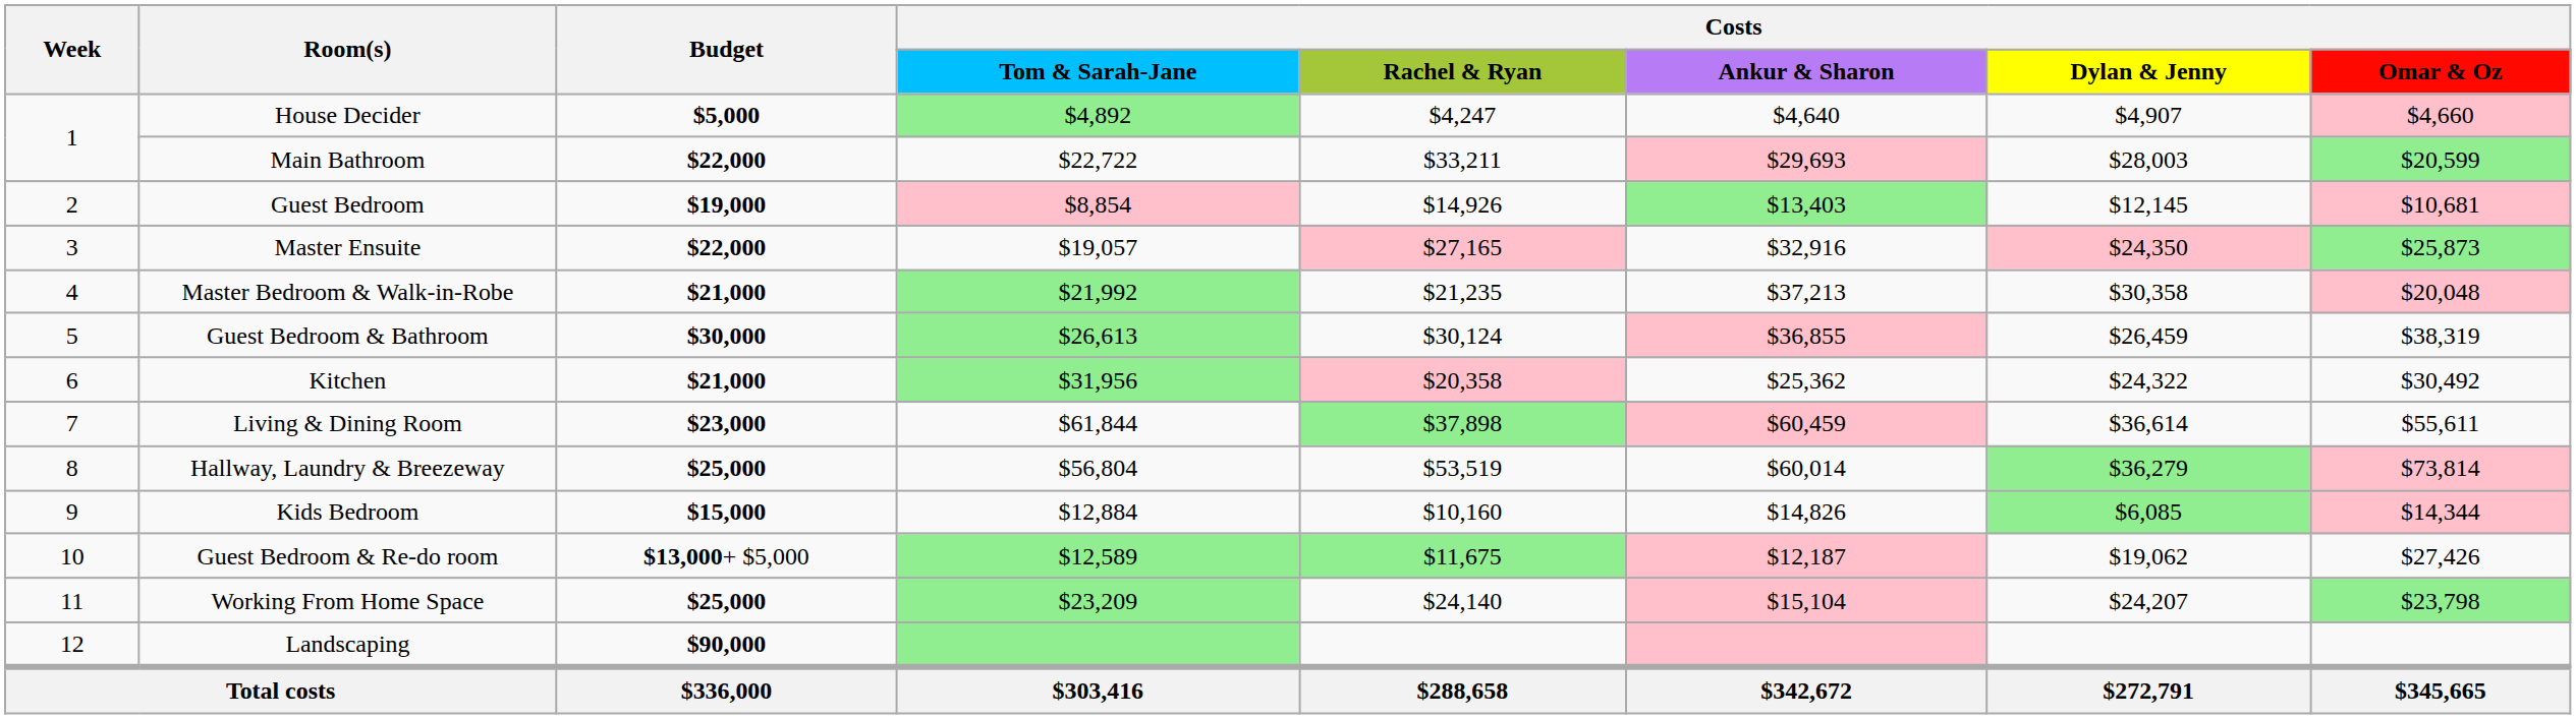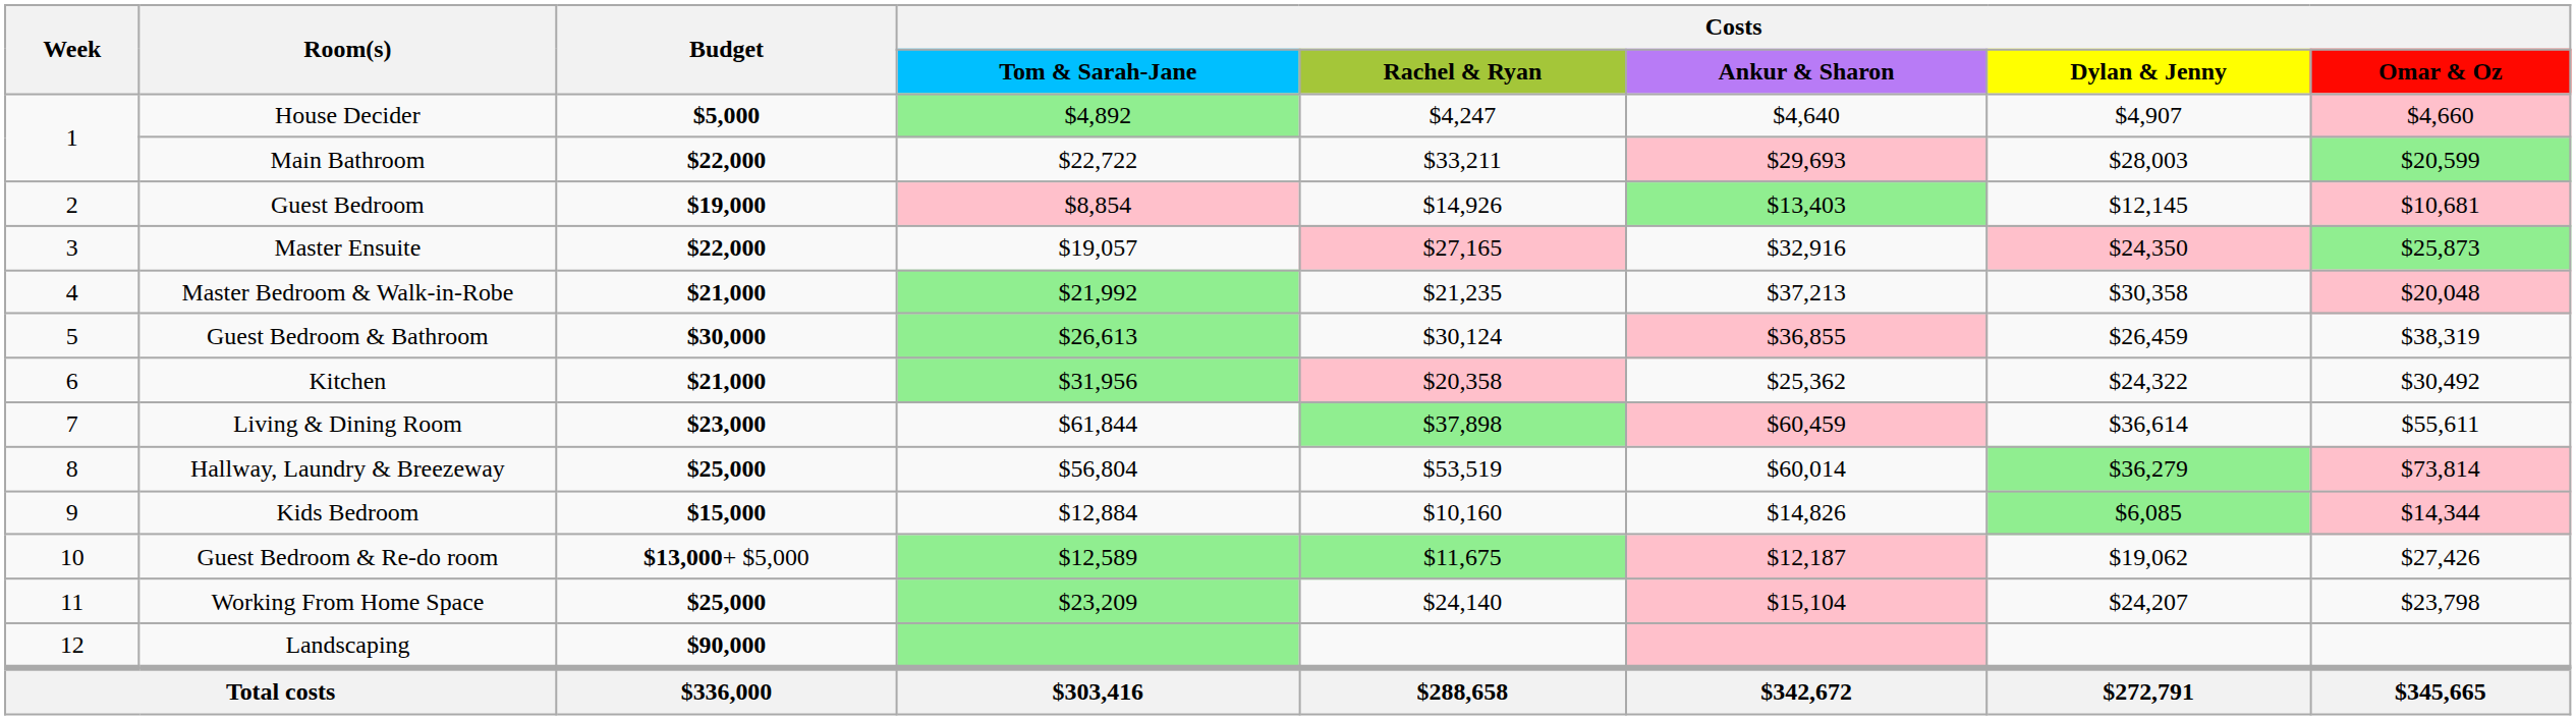 <table class="wikitable" style="text-align:center; font-size: 9pt; line-height:16px; width:80%">
 <tr>
 <th rowspan=2>Week</th>
 <th rowspan="2" style="width:200px;">Room(s)</th>
 <th rowspan="2">Budget</th>
 <th colspan=5>Costs</th>
 </tr>
 <tr>
 <th style="background:#00BFFF; color:black;"><strong>Tom & Sarah-Jane</strong></th>
 <th style="background:#A4C639; color:black;"><strong>Rachel & Ryan</strong></th>
 <th style="background:#B87BF6; color:black;"><strong>Ankur & Sharon</strong></th>
 <th style="background:yellow; color:black;"><strong>Dylan & Jenny</strong></th>
 <th style="background:#FF0800; color:black;"><strong>Omar & Oz</strong></th>
 </tr>
 <tr>
 <td rowspan=2>1</td>
 <td>House Decider</td>
 <td><strong>$5,000</strong></td>
 <td bgcolor="lightgreen">$4,892</td>
 <td>$4,247</td>
 <td>$4,640</td>
 <td>$4,907</td>
 <td bgcolor="pink">$4,660</td>
 </tr>
 <tr>
 <td>Main Bathroom</td>
 <td><strong>$22,000</strong></td>
 <td>$22,722</td>
 <td>$33,211</td>
 <td bgcolor="pink">$29,693</td>
 <td>$28,003</td>
 <td bgcolor="lightgreen">$20,599</td>
 </tr>
 <tr>
 <td>2</td>
 <td>Guest Bedroom</td>
 <td><strong>$19,000</strong></td>
 <td bgcolor="pink">$8,854</td>
 <td>$14,926</td>
 <td bgcolor="lightgreen">$13,403</td>
 <td>$12,145</td>
 <td bgcolor="pink">$10,681</td>
 </tr>
 <tr>
 <td>3</td>
 <td>Master Ensuite</td>
 <td><strong>$22,000</strong></td>
 <td>$19,057</td>
 <td bgcolor="pink">$27,165</td>
 <td>$32,916</td>
 <td bgcolor="pink">$24,350</td>
 <td bgcolor="lightgreen">$25,873</td>
 </tr>
 <tr>
 <td>4</td>
 <td>Master Bedroom & Walk-in-Robe</td>
 <td><strong>$21,000</strong></td>
 <td bgcolor="lightgreen">$21,992</td>
 <td>$21,235</td>
 <td>$37,213</td>
 <td>$30,358</td>
 <td bgcolor="pink">$20,048</td>
 </tr>
 <tr>
 <td>5</td>
 <td>Guest Bedroom & Bathroom</td>
 <td><strong>$30,000</strong></td>
 <td bgcolor="lightgreen">$26,613</td>
 <td>$30,124</td>
 <td bgcolor="pink">$36,855</td>
 <td>$26,459</td>
 <td>$38,319</td>
 </tr>
 <tr>
 <td>6</td>
 <td>Kitchen</td>
 <td><strong>$21,000</strong></td>
 <td bgcolor="lightgreen">$31,956</td>
 <td bgcolor="pink">$20,358</td>
 <td>$25,362</td>
 <td>$24,322</td>
 <td>$30,492</td>
 </tr>
 <tr>
 <td>7</td>
 <td>Living & Dining Room</td>
 <td><strong>$23,000</strong></td>
 <td>$61,844</td>
 <td bgcolor="lightgreen">$37,898</td>
 <td bgcolor="pink">$60,459</td>
 <td>$36,614</td>
 <td>$55,611</td>
 </tr>
 <tr>
 <td>8</td>
 <td>Hallway, Laundry & Breezeway</td>
 <td><strong>$25,000</strong></td>
 <td>$56,804</td>
 <td>$53,519</td>
 <td>$60,014</td>
 <td bgcolor="lightgreen">$36,279</td>
 <td bgcolor="pink">$73,814</td>
 </tr>
 <tr>
 <td>9</td>
 <td>Kids Bedroom</td>
 <td><strong>$15,000</strong></td>
 <td>$12,884</td>
 <td>$10,160</td>
 <td>$14,826</td>
 <td bgcolor="lightgreen">$6,085</td>
 <td bgcolor="pink">$14,344</td>
 </tr>
 <tr>
 <td>10</td>
 <td>Guest Bedroom & Re-do room</td>
 <td><strong>$13,000</strong>+ $5,000</td>
 <td bgcolor="lightgreen">$12,589</td>
 <td bgcolor="lightgreen">$11,675</td>
 <td bgcolor="pink">$12,187</td>
 <td>$19,062</td>
 <td>$27,426</td>
 </tr>
 <tr>
 <td>11</td>
 <td>Working From Home Space</td>
 <td><strong>$25,000</strong></td>
 <td bgcolor="lightgreen">$23,209</td>
 <td>$24,140</td>
 <td bgcolor="pink">$15,104</td>
 <td>$24,207</td>
-<td style="background: lightgreen;">$23,798</td>
+<td>$23,798</td>
 </tr>
 <tr>
 <td>12</td>
 <td>Landscaping</td>
 <td><strong>$90,000</strong></td>
 <td bgcolor="lightgreen"></td>
 <td></td>
 <td bgcolor="pink"></td>
 <td></td>
 <td></td>
 </tr>
 <tr>
 </tr>
 <tr style="border-top:3px solid #aaa;">
 <th colspan=2>Total costs</th>
 <th>$336,000</th>
 <th>$303,416</th>
 <th>$288,658</th>
 <th>$342,672</th>
 <th>$272,791</th>
 <th>$345,665</th>
 </tr>
 </table>
